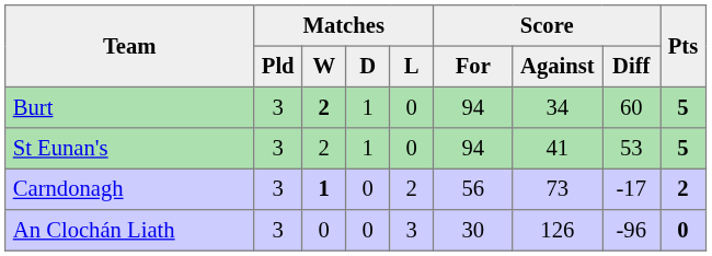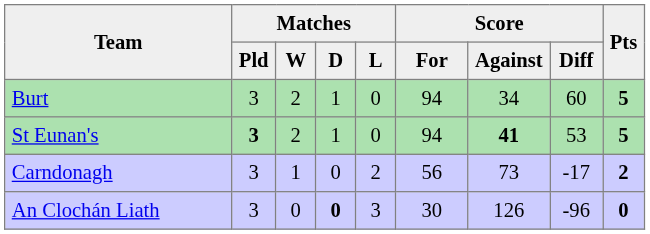 <table style=border-collapse:collapse border=1 cellspacing=0 cellpadding=5>
 <tr align=center bgcolor=#efefef>
 <th rowspan=2 width=165>Team</th>
 <th colspan=4>Matches</th>
 <th colspan=3>Score</th>
 <th rowspan=2width=20>Pts</th>
 </tr>
 <tr align=center bgcolor=#efefef>
 <th width=20>Pld</th>
 <th width=20>W</th>
 <th width=20>D</th>
 <th width=20>L</th>
 <th width=45>For</th>
 <th width=45>Against</th>
 <th width=30>Diff</th>
 </tr>
 <tr align=center style="background:#ACE1AF;">
 <td style="text-align:left;"><a href='#'>Burt</a></td>
 <td>3</td>
-<td><strong>2</strong></td>
+<td>2</td>
 <td>1</td>
 <td>0</td>
 <td>94</td>
 <td>34</td>
 <td>60</td>
 <td><strong>5</strong></td>
 </tr>
 <tr align=center style="background:#ACE1AF;">
 <td style="text-align:left;"><a href='#'>St Eunan's</a></td>
-<td>3</td>
+<td><strong>3</strong></td>
 <td>2</td>
 <td>1</td>
 <td>0</td>
 <td>94</td>
-<td>41</td>
+<td><strong>41</strong></td>
 <td>53</td>
 <td><strong>5</strong></td>
 </tr>
 <tr align=center style="background:#ccccff;">
 <td style="text-align:left;"><a href='#'>Carndonagh</a></td>
 <td>3</td>
-<td><strong>1</strong></td>
+<td>1</td>
 <td>0</td>
 <td>2</td>
 <td>56</td>
 <td>73</td>
 <td>-17</td>
 <td><strong>2</strong></td>
 </tr>
 <tr align=center style="background:#ccccff;">
 <td style="text-align:left;"><a href='#'>An Clochán Liath</a></td>
 <td>3</td>
 <td>0</td>
-<td>0</td>
+<td><strong>0</strong></td>
 <td>3</td>
 <td>30</td>
 <td>126</td>
 <td>-96</td>
 <td><strong>0</strong></td>
 </tr>
 </table>
